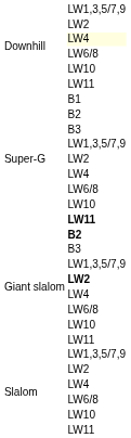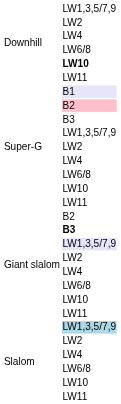 <table>
 <tr>
 <td rowspan="6">Downhill</td>
 <td>LW1,3,5/7,9<br></td>
 <td></td>
 <td></td>
 <td></td>
 </tr>
 <tr>
 <td>LW2<br></td>
 <td></td>
 <td></td>
 <td></td>
 </tr>
 <tr>
-<td style="background: lightyellow;">LW4<br></td>
+<td>LW4<br></td>
 <td></td>
 <td></td>
 <td></td>
 </tr>
 <tr>
 <td>LW6/8<br></td>
 <td></td>
 <td></td>
 <td></td>
 </tr>
 <tr>
-<td>LW10<br></td>
+<td><strong>LW10<br></strong></td>
 <td></td>
 <td></td>
 <td></td>
 </tr>
 <tr>
 <td>LW11<br></td>
 <td></td>
 <td></td>
 <td></td>
 </tr>
 <tr>
 <td rowspan="9">Super-G</td>
-<td>B1<br></td>
+<td style="background: lavender;">B1<br></td>
 <td></td>
 <td></td>
 <td></td>
 </tr>
 <tr>
-<td>B2<br></td>
+<td style="background: pink;">B2<br></td>
 <td></td>
 <td></td>
 <td></td>
 </tr>
 <tr>
 <td>B3<br></td>
 <td></td>
 <td></td>
 <td></td>
 </tr>
 <tr>
 <td>LW1,3,5/7,9<br></td>
 <td></td>
 <td></td>
 <td></td>
 </tr>
 <tr>
 <td>LW2<br></td>
 <td></td>
 <td></td>
 <td></td>
 </tr>
 <tr>
 <td>LW4<br></td>
 <td></td>
 <td></td>
 <td></td>
 </tr>
 <tr>
 <td>LW6/8<br></td>
 <td></td>
 <td></td>
 <td></td>
 </tr>
 <tr>
 <td>LW10<br></td>
 <td></td>
 <td></td>
 <td></td>
 </tr>
 <tr>
-<td><strong>LW11<br></strong></td>
+<td>LW11<br></td>
 <td></td>
 <td></td>
 <td></td>
 </tr>
 <tr>
 <td rowspan="8">Giant slalom</td>
-<td><strong>B2<br></strong></td>
+<td>B2<br></td>
 <td></td>
 <td></td>
 <td></td>
 </tr>
 <tr>
-<td>B3<br></td>
+<td><strong>B3<br></strong></td>
 <td></td>
 <td></td>
 <td></td>
 </tr>
 <tr>
-<td>LW1,3,5/7,9<br></td>
+<td style="background: lavender;">LW1,3,5/7,9<br></td>
 <td></td>
 <td></td>
 <td></td>
 </tr>
 <tr>
-<td><strong>LW2<br></strong></td>
+<td>LW2<br></td>
 <td></td>
 <td></td>
 <td></td>
 </tr>
 <tr>
 <td>LW4<br></td>
 <td></td>
 <td></td>
 <td></td>
 </tr>
 <tr>
 <td>LW6/8<br></td>
 <td></td>
 <td></td>
 <td></td>
 </tr>
 <tr>
 <td>LW10<br></td>
 <td></td>
 <td></td>
 <td></td>
 </tr>
 <tr>
 <td>LW11<br></td>
 <td></td>
 <td></td>
 <td></td>
 </tr>
 <tr>
 <td rowspan="6">Slalom</td>
-<td>LW1,3,5/7,9<br></td>
+<td style="background: lightblue;">LW1,3,5/7,9<br></td>
 <td></td>
 <td></td>
 <td></td>
 </tr>
 <tr>
 <td>LW2<br></td>
 <td></td>
 <td></td>
 <td></td>
 </tr>
 <tr>
 <td>LW4<br></td>
 <td></td>
 <td></td>
 <td></td>
 </tr>
 <tr>
 <td>LW6/8<br></td>
 <td></td>
 <td></td>
 <td></td>
 </tr>
 <tr>
 <td>LW10<br></td>
 <td></td>
 <td></td>
 <td></td>
 </tr>
 <tr>
 <td>LW11<br></td>
 <td></td>
 <td></td>
 <td></td>
 </tr>
 </table>
